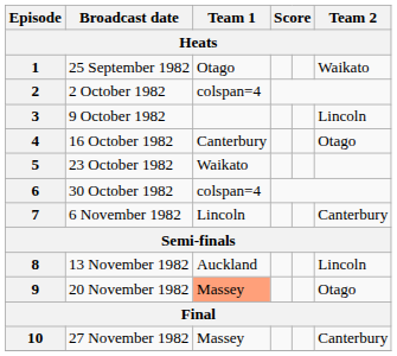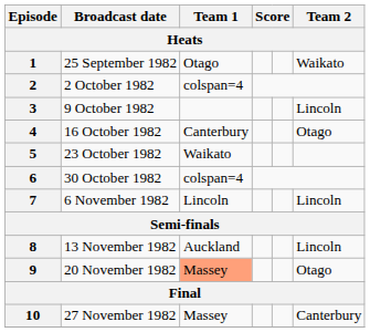 <table class="wikitable">
 <tr>
 <th>Episode</th>
 <th>Broadcast date</th>
 <th>Team 1</th>
 <th colspan=2>Score</th>
 <th>Team 2</th>
 </tr>
 <tr>
 <th colspan=6>Heats</th>
 </tr>
 <tr>
 <th>1</th>
 <td>25 September 1982</td>
 <td>Otago</td>
 <td></td>
 <td></td>
 <td>Waikato</td>
 </tr>
 <tr>
 <th>2</th>
 <td>2 October 1982</td>
 <td>colspan=4  </td>
 </tr>
 <tr>
 <th>3</th>
 <td>9 October 1982</td>
 <td></td>
 <td></td>
 <td></td>
 <td>Lincoln</td>
 </tr>
 <tr>
 <th>4</th>
 <td>16 October 1982</td>
 <td>Canterbury</td>
 <td></td>
 <td></td>
 <td>Otago</td>
 </tr>
 <tr>
 <th>5</th>
 <td>23 October 1982</td>
 <td>Waikato</td>
 <td></td>
 <td></td>
 <td></td>
 </tr>
 <tr>
 <th>6</th>
 <td>30 October 1982</td>
 <td>colspan=4  </td>
 </tr>
 <tr>
 <th>7</th>
 <td>6 November 1982</td>
 <td>Lincoln</td>
 <td></td>
 <td></td>
-<td>Canterbury</td>
+<td>Lincoln</td>
 </tr>
 <tr>
 <th colspan=6>Semi-finals</th>
 </tr>
 <tr>
 <th>8</th>
 <td>13 November 1982</td>
 <td>Auckland</td>
 <td></td>
 <td></td>
 <td>Lincoln</td>
 </tr>
 <tr>
 <th>9</th>
 <td>20 November 1982</td>
 <td style="background: lightsalmon;">Massey</td>
 <td></td>
 <td></td>
 <td>Otago</td>
 </tr>
 <tr>
 <th colspan=6>Final</th>
 </tr>
 <tr>
 <th>10</th>
 <td>27 November 1982</td>
 <td>Massey</td>
 <td></td>
 <td></td>
 <td>Canterbury</td>
 </tr>
 <tr>
 </tr>
 </table>
